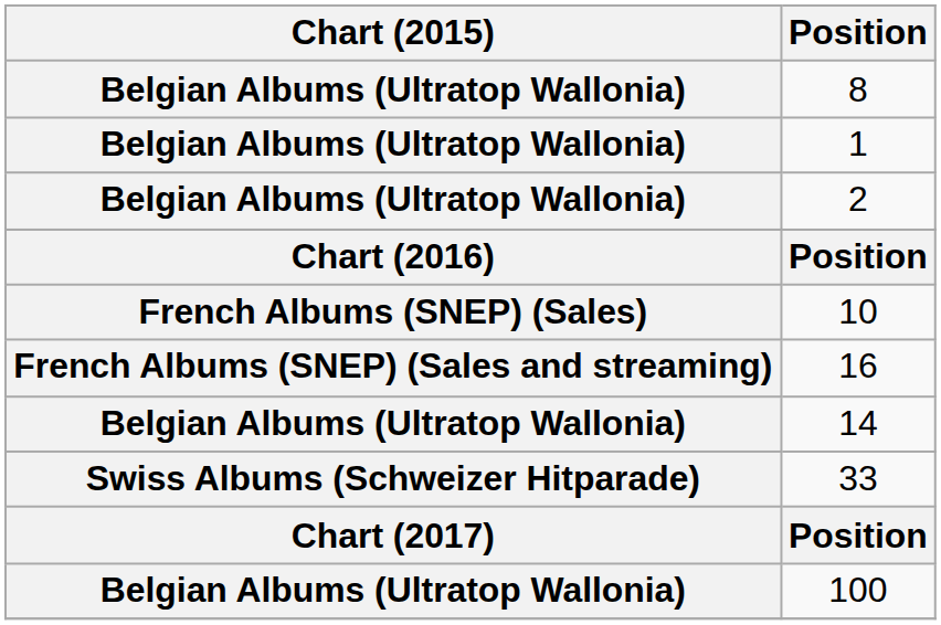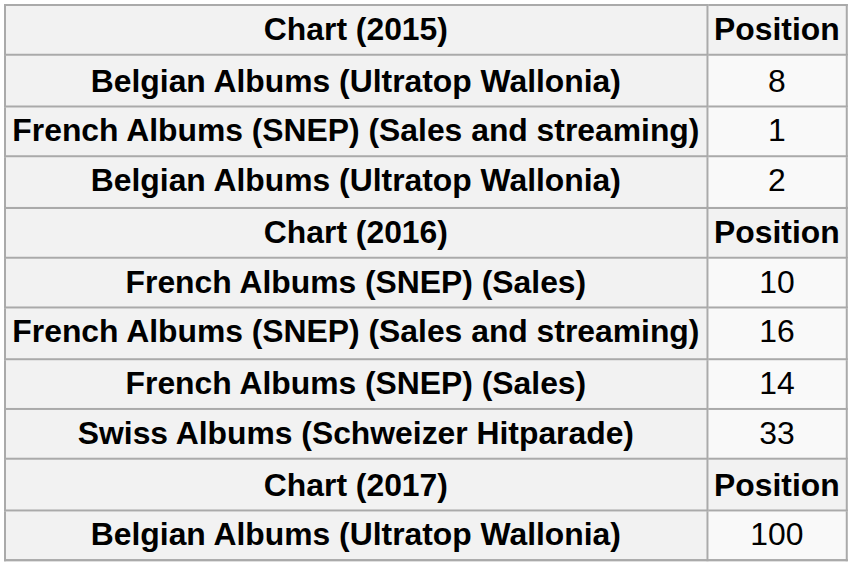 <table class="wikitable sortable plainrowheaders" style="text-align:center">
 <tr>
 <th scope="col">Chart (2015)</th>
 <th scope="col">Position</th>
 </tr>
 <tr>
 <th scope="row">Belgian Albums (Ultratop Wallonia)</th>
 <td>8</td>
 </tr>
 <tr>
-<th scope="row">Belgian Albums (Ultratop Wallonia)</th>
+<th scope="row">French Albums (SNEP) (Sales and streaming)</th>
 <td>1</td>
 </tr>
 <tr>
 <th scope="row">Belgian Albums (Ultratop Wallonia)</th>
 <td>2</td>
 </tr>
 <tr>
 </tr>
 <tr>
 <th scope="col">Chart (2016)</th>
 <th scope="col">Position</th>
 </tr>
 <tr>
 <th scope="row">French Albums (SNEP) (Sales)</th>
 <td>10</td>
 </tr>
 <tr>
 <th scope="row">French Albums (SNEP) (Sales and streaming)</th>
 <td>16</td>
 </tr>
 <tr>
-<th scope="row">Belgian Albums (Ultratop Wallonia)</th>
+<th scope="row">French Albums (SNEP) (Sales)</th>
 <td>14</td>
 </tr>
 <tr>
 <th scope="row">Swiss Albums (Schweizer Hitparade)</th>
 <td>33</td>
 </tr>
 <tr>
 <th scope="col">Chart (2017)</th>
 <th scope="col">Position</th>
 </tr>
 <tr>
 <th scope="row">Belgian Albums (Ultratop Wallonia)</th>
 <td>100</td>
 </tr>
 <tr>
 </tr>
 </table>
